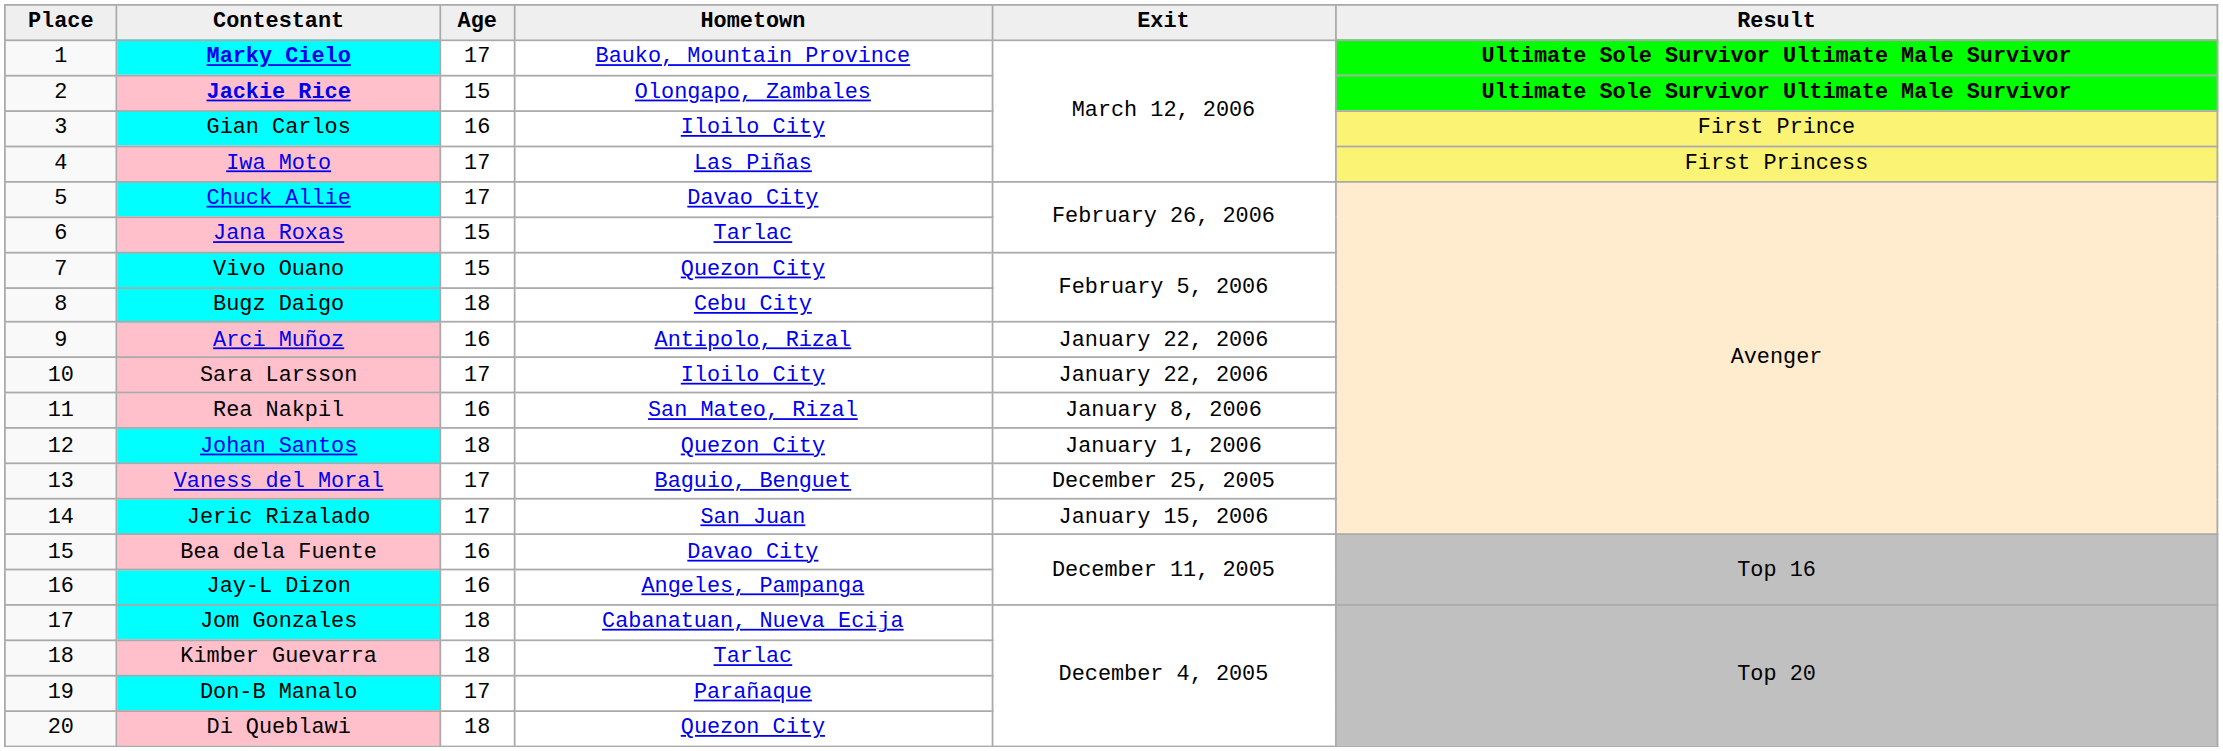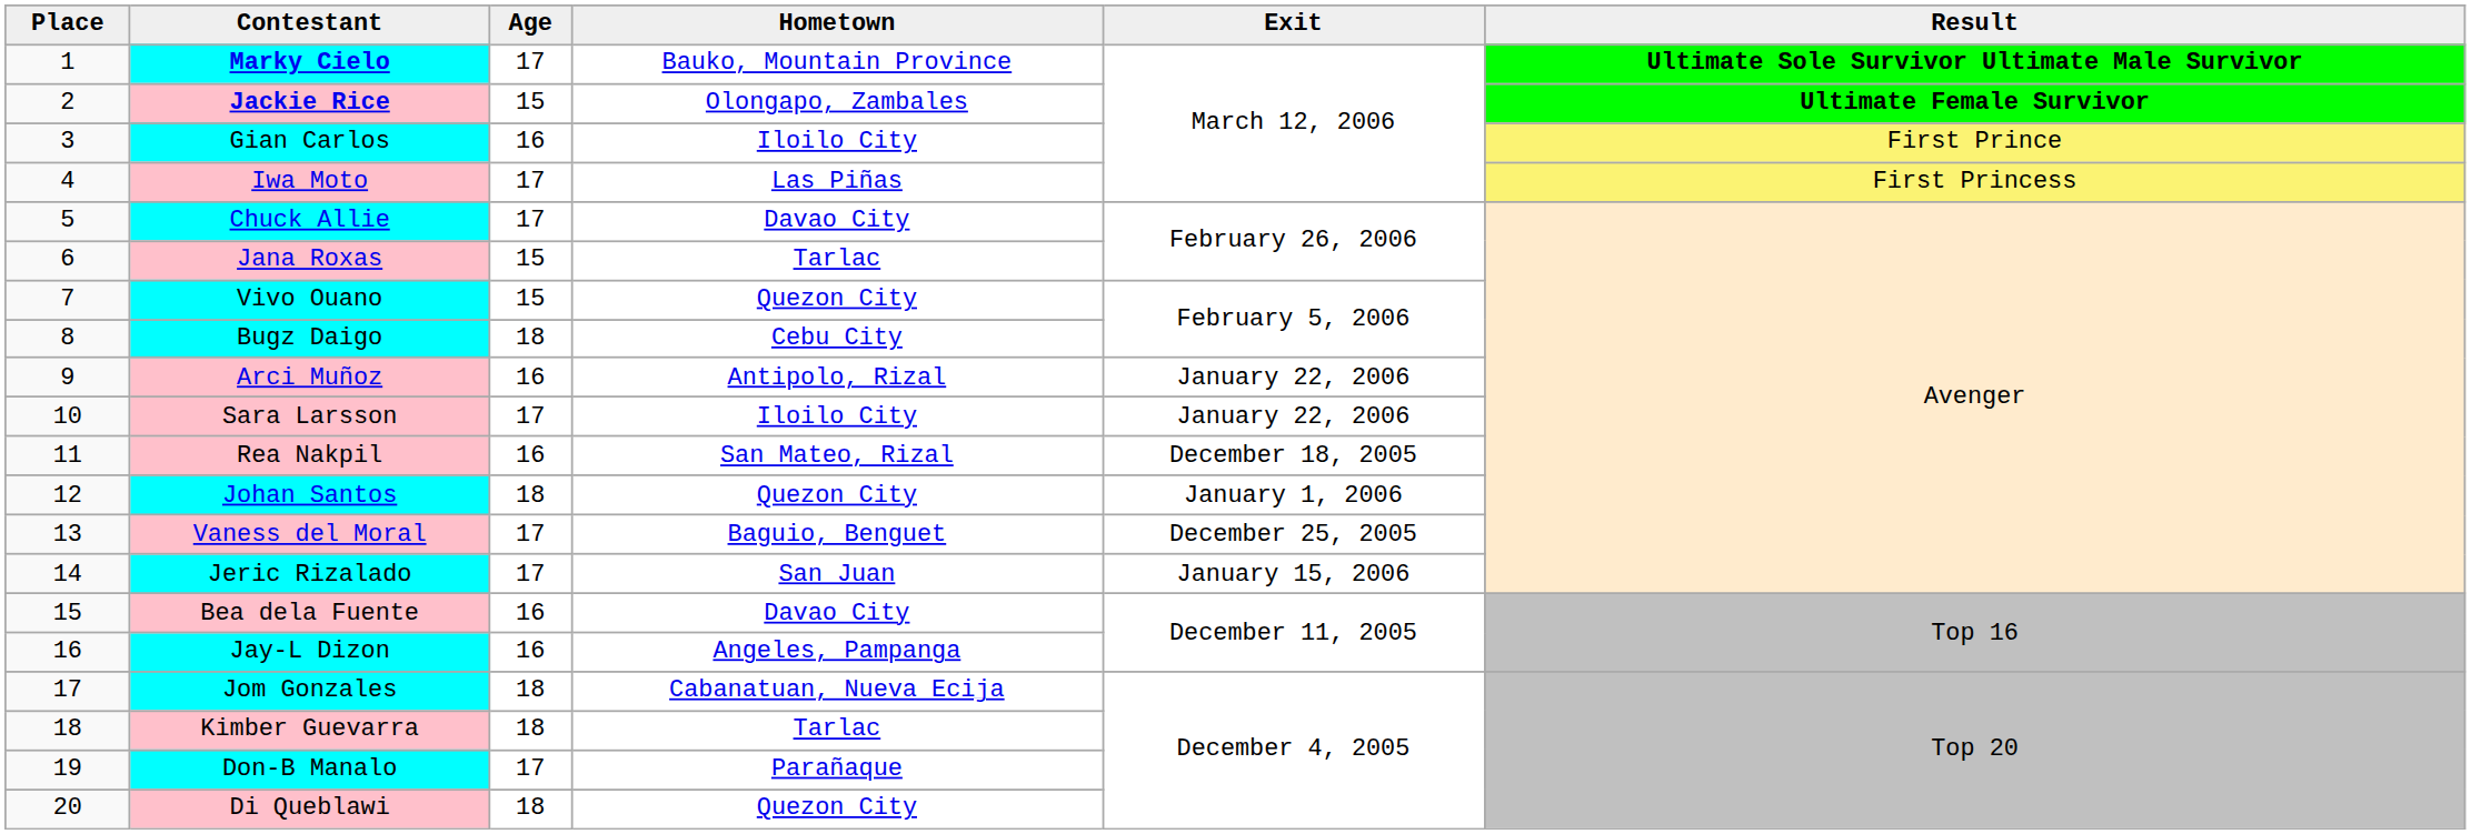 <table class="wikitable nowrap" style="text-align:center; font-size:95%;width:99%;">
 <tr>
 <th scope="col" style="background:#EFEFEF;">Place</th>
 <th scope="col" style="background:#EFEFEF;">Contestant</th>
 <th scope="col" style="background:#EFEFEF;">Age</th>
 <th scope="col" style="background:#EFEFEF;">Hometown</th>
 <th scope="col" style="background:#EFEFEF;">Exit</th>
 <th scope="col" style="background:#EFEFEF;">Result</th>
 </tr>
 <tr>
 <td>1</td>
 <td style="background:cyan;"><strong><a href='#'>Marky Cielo</a></strong></td>
 <td style="background:#FFFFFF">17</td>
 <td style="background:#FFFFFF"><a href='#'>Bauko, Mountain Province</a></td>
 <td style="background:#FFFFFF" rowspan=4>March 12, 2006</td>
 <td style="background:lime"><strong>Ultimate Sole Survivor</strong> <strong>Ultimate Male Survivor</strong></td>
 </tr>
 <tr>
 <td>2</td>
 <td style="background:pink;"><strong><a href='#'>Jackie Rice</a></strong></td>
 <td style="background:#FFFFFF">15</td>
 <td style="background:#FFFFFF"><a href='#'>Olongapo, Zambales</a></td>
-<td style="background:lime"><strong>Ultimate Sole Survivor</strong> <strong>Ultimate Male Survivor</strong></td>
+<td style="background:lime"><strong>Ultimate Female Survivor</strong></td>
 </tr>
 <tr>
 <td>3</td>
 <td style="background:cyan;">Gian Carlos</td>
 <td style="background:#FFFFFF">16</td>
 <td style="background:#FFFFFF"><a href='#'>Iloilo City</a></td>
 <td style="background:#FBF373">First Prince</td>
 </tr>
 <tr>
 <td>4</td>
 <td style="background:pink;"><a href='#'>Iwa Moto</a></td>
 <td style="background:#FFFFFF">17</td>
 <td style="background:#FFFFFF"><a href='#'>Las Piñas</a></td>
 <td style="background:#FBF373">First Princess</td>
 </tr>
 <tr>
 <td>5</td>
 <td style="background:cyan;"><a href='#'>Chuck Allie</a></td>
 <td style="background:#FFFFFF">17</td>
 <td style="background:#FFFFFF"><a href='#'>Davao City</a></td>
 <td style="background:#FFFFFF" rowspan=2>February 26, 2006</td>
 <td style="background:#FFEBCD" rowspan=10>Avenger</td>
 </tr>
 <tr>
 <td>6</td>
 <td style="background:pink;"><a href='#'>Jana Roxas</a></td>
 <td style="background:#FFFFFF">15</td>
 <td style="background:#FFFFFF"><a href='#'>Tarlac</a></td>
 </tr>
 <tr>
 <td>7</td>
 <td style="background:cyan;">Vivo Ouano</td>
 <td style="background:#FFFFFF">15</td>
 <td style="background:#FFFFFF"><a href='#'>Quezon City</a></td>
 <td style="background:#FFFFFF" rowspan=2>February 5, 2006</td>
 </tr>
 <tr>
 <td>8</td>
 <td style="background:cyan;">Bugz Daigo</td>
 <td style="background:#FFFFFF">18</td>
 <td style="background:#FFFFFF"><a href='#'>Cebu City</a></td>
 </tr>
 <tr>
 <td>9</td>
 <td style="background:pink;"><a href='#'>Arci Muñoz</a></td>
 <td style="background:#FFFFFF">16</td>
 <td style="background:#FFFFFF"><a href='#'>Antipolo, Rizal</a></td>
 <td style="background:#FFFFFF">January 22, 2006</td>
 </tr>
 <tr>
 <td>10</td>
 <td style="background:pink;">Sara Larsson</td>
 <td style="background:#FFFFFF">17</td>
 <td style="background:#FFFFFF"><a href='#'>Iloilo City</a></td>
 <td style="background:#FFFFFF">January 22, 2006</td>
 </tr>
 <tr>
 <td>11</td>
 <td style="background:pink;">Rea Nakpil</td>
 <td style="background:#FFFFFF">16</td>
 <td style="background:#FFFFFF"><a href='#'>San Mateo, Rizal</a></td>
-<td style="background:#FFFFFF">January 8, 2006</td>
+<td style="background:#FFFFFF">December 18, 2005</td>
 </tr>
 <tr>
 <td>12</td>
 <td style="background:cyan;"><a href='#'>Johan Santos</a></td>
 <td style="background:#FFFFFF">18</td>
 <td style="background:#FFFFFF"><a href='#'>Quezon City</a></td>
 <td style="background:#FFFFFF">January 1, 2006</td>
 </tr>
 <tr>
 <td>13</td>
 <td style="background:pink"><a href='#'>Vaness del Moral</a></td>
 <td style="background:#FFFFFF">17</td>
 <td style="background:#FFFFFF"><a href='#'>Baguio, Benguet</a></td>
 <td style="background:#FFFFFF">December 25, 2005</td>
 </tr>
 <tr>
 <td>14</td>
 <td style="background:cyan;">Jeric Rizalado</td>
 <td style="background:#FFFFFF">17</td>
 <td style="background:#FFFFFF"><a href='#'>San Juan</a></td>
 <td style="background:#FFFFFF">January 15, 2006</td>
 </tr>
 <tr>
 <td>15</td>
 <td style="background:pink;">Bea dela Fuente</td>
 <td style="background:#FFFFFF">16</td>
 <td style="background:#FFFFFF"><a href='#'>Davao City</a></td>
 <td style="background:#FFFFFF" rowspan=2>December 11, 2005</td>
 <td style="background:silver" rowspan=2>Top 16</td>
 </tr>
 <tr>
 <td>16</td>
 <td style="background:cyan;">Jay-L Dizon</td>
 <td style="background:#FFFFFF">16</td>
 <td style="background:#FFFFFF"><a href='#'>Angeles, Pampanga</a></td>
 </tr>
 <tr>
 <td>17</td>
 <td style="background:cyan;">Jom Gonzales</td>
 <td style="background:#FFFFFF">18</td>
 <td style="background:#FFFFFF"><a href='#'>Cabanatuan, Nueva Ecija</a></td>
 <td style="background:#FFFFFF" rowspan=4>December 4, 2005</td>
 <td style="background:silver" rowspan=4>Top 20</td>
 </tr>
 <tr>
 <td>18</td>
 <td style="background:pink;">Kimber Guevarra</td>
 <td style="background:#FFFFFF">18</td>
 <td style="background:#FFFFFF"><a href='#'>Tarlac</a></td>
 </tr>
 <tr>
 <td>19</td>
 <td style="background:cyan;">Don-B Manalo</td>
 <td style="background:#FFFFFF">17</td>
 <td style="background:#FFFFFF"><a href='#'>Parañaque</a></td>
 </tr>
 <tr>
 <td>20</td>
 <td style="background:pink;">Di Queblawi</td>
 <td style="background:#FFFFFF">18</td>
 <td style="background:#FFFFFF"><a href='#'>Quezon City</a></td>
 </tr>
 </table>
